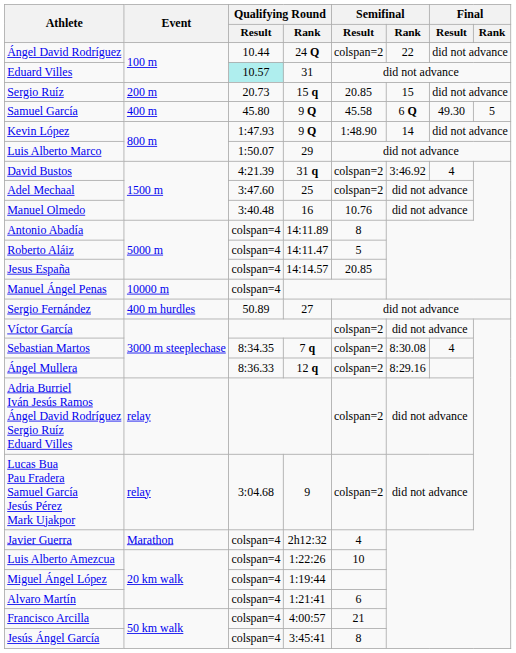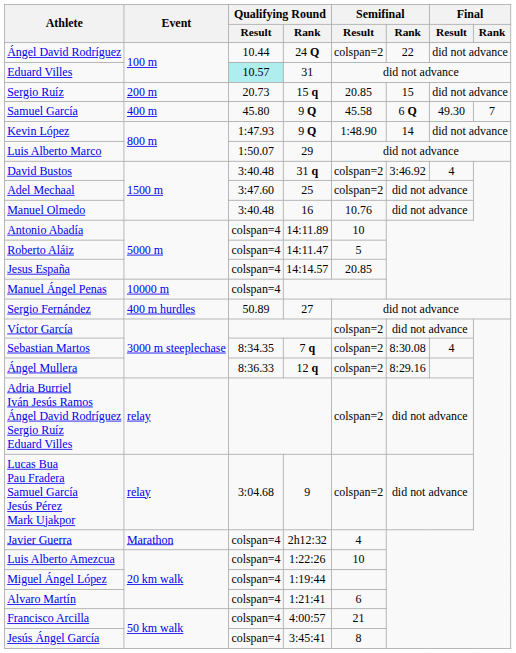 <table class="wikitable" style="font-size:90%">
 <tr>
 <th rowspan="2">Athlete</th>
 <th rowspan="2">Event</th>
 <th colspan="2">Qualifying Round</th>
 <th colspan="2">Semifinal</th>
 <th colspan="2">Final</th>
 </tr>
 <tr style="font-size:95%">
 <th>Result</th>
 <th>Rank</th>
 <th>Result</th>
 <th>Rank</th>
 <th>Result</th>
 <th>Rank</th>
 </tr>
 <tr align=center>
 <td align=left><a href='#'>Ángel David Rodríguez</a></td>
 <td align=left rowspan=2><a href='#'>100 m</a></td>
 <td>10.44</td>
 <td>24 <strong>Q</strong></td>
 <td>colspan=2 </td>
 <td>22</td>
 <td colspan=2>did not advance</td>
 </tr>
 <tr align=center>
 <td align=left><a href='#'>Eduard Villes</a></td>
 <td style="background: paleturquoise;">10.57</td>
 <td>31</td>
 <td colspan=4>did not advance</td>
 </tr>
 <tr align=center>
 <td align=left><a href='#'>Sergio Ruíz</a></td>
 <td align=left><a href='#'>200 m</a></td>
 <td>20.73</td>
 <td>15 <strong>q</strong></td>
 <td>20.85</td>
 <td>15</td>
 <td colspan=2>did not advance</td>
 </tr>
 <tr align=center>
 <td align=left><a href='#'>Samuel García</a></td>
 <td align=left><a href='#'>400 m</a></td>
 <td>45.80</td>
 <td>9 <strong>Q</strong></td>
 <td>45.58</td>
 <td>6 <strong>Q</strong></td>
 <td>49.30</td>
-<td>5</td>
+<td>7</td>
 </tr>
 <tr align=center>
 <td align=left><a href='#'>Kevin López</a></td>
 <td align=left rowspan=2><a href='#'>800 m</a></td>
 <td>1:47.93</td>
 <td>9 <strong>Q</strong></td>
 <td>1:48.90</td>
 <td>14</td>
 <td colspan=2>did not advance</td>
 </tr>
 <tr align=center>
 <td align=left><a href='#'>Luis Alberto Marco</a></td>
 <td>1:50.07</td>
 <td>29</td>
 <td colspan=4>did not advance</td>
 </tr>
 <tr align=center>
 <td align=left><a href='#'>David Bustos</a></td>
 <td align=left rowspan=3><a href='#'>1500 m</a></td>
-<td>4:21.39</td>
+<td>3:40.48</td>
 <td>31 <strong>q</strong></td>
 <td>colspan=2 </td>
 <td>3:46.92</td>
 <td>4</td>
 </tr>
 <tr align=center>
 <td align=left><a href='#'>Adel Mechaal</a></td>
 <td>3:47.60</td>
 <td>25</td>
 <td>colspan=2 </td>
 <td colspan=2>did not advance</td>
 </tr>
 <tr align=center>
 <td align=left><a href='#'>Manuel Olmedo</a></td>
 <td>3:40.48</td>
 <td>16</td>
 <td>10.76</td>
 <td colspan=2>did not advance</td>
 </tr>
 <tr align=center>
 <td align=left><a href='#'>Antonio Abadía</a></td>
 <td align=left rowspan=3><a href='#'>5000 m</a></td>
 <td>colspan=4 </td>
 <td>14:11.89</td>
-<td>8</td>
+<td>10</td>
 </tr>
 <tr align=center>
 <td align=left><a href='#'>Roberto Aláiz</a></td>
 <td>colspan=4 </td>
 <td>14:11.47</td>
 <td>5</td>
 </tr>
 <tr align=center>
 <td align=left><a href='#'>Jesus España</a></td>
 <td>colspan=4 </td>
 <td>14:14.57</td>
 <td>20.85</td>
 </tr>
 <tr align=center>
 <td align=left><a href='#'>Manuel Ángel Penas</a></td>
 <td align=left><a href='#'>10000 m</a></td>
 <td>colspan=4 </td>
 <td colspan=2></td>
 </tr>
 <tr align=center>
 <td align=left><a href='#'>Sergio Fernández</a></td>
 <td align=left><a href='#'>400 m hurdles</a></td>
 <td>50.89</td>
 <td>27</td>
 <td colspan=4>did not advance</td>
 </tr>
 <tr align=center>
 <td align=left><a href='#'>Víctor García</a></td>
 <td align=left rowspan=3><a href='#'>3000 m steeplechase</a></td>
 <td colspan=2></td>
 <td>colspan=2 </td>
 <td colspan=2>did not advance</td>
 </tr>
 <tr align=center>
 <td align=left><a href='#'>Sebastian Martos</a></td>
 <td>8:34.35</td>
 <td>7 <strong>q</strong></td>
 <td>colspan=2 </td>
 <td>8:30.08</td>
 <td>4</td>
 </tr>
 <tr align=center>
 <td align=left><a href='#'>Ángel Mullera</a></td>
 <td>8:36.33</td>
 <td>12 <strong>q</strong></td>
 <td>colspan=2 </td>
 <td>8:29.16</td>
 <td></td>
 </tr>
 <tr align=center>
 <td align=left><a href='#'>Adria Burriel</a><br><a href='#'>Iván Jesús Ramos</a><br><a href='#'>Ángel David Rodríguez</a><br><a href='#'>Sergio Ruíz</a><br><a href='#'>Eduard Villes</a></td>
 <td align=left><a href='#'> relay</a></td>
 <td colspan=2></td>
 <td>colspan=2 </td>
 <td colspan=2>did not advance</td>
 </tr>
 <tr align=center>
 <td align=left><a href='#'>Lucas Bua</a><br><a href='#'>Pau Fradera</a><br><a href='#'>Samuel García</a><br><a href='#'>Jesús Pérez</a><br><a href='#'>Mark Ujakpor</a></td>
 <td align=left><a href='#'> relay</a></td>
 <td>3:04.68</td>
 <td>9</td>
 <td>colspan=2 </td>
 <td colspan=2>did not advance</td>
 </tr>
 <tr align=center>
 <td align=left><a href='#'>Javier Guerra</a></td>
 <td align=left><a href='#'>Marathon</a></td>
 <td>colspan=4 </td>
 <td>2h12:32</td>
 <td>4</td>
 </tr>
 <tr align=center>
 <td align=left><a href='#'>Luis Alberto Amezcua</a></td>
 <td align=left rowspan=3><a href='#'>20 km walk</a></td>
 <td>colspan=4 </td>
 <td>1:22:26</td>
 <td>10</td>
 </tr>
 <tr align=center>
 <td align=left><a href='#'>Miguel Ángel López</a></td>
 <td>colspan=4 </td>
 <td>1:19:44</td>
 <td></td>
 </tr>
 <tr align=center>
 <td align=left><a href='#'>Alvaro Martín</a></td>
 <td>colspan=4 </td>
 <td>1:21:41</td>
 <td>6</td>
 </tr>
 <tr align=center>
 <td align=left><a href='#'>Francisco Arcilla</a></td>
 <td align=left rowspan=2><a href='#'>50 km walk</a></td>
 <td>colspan=4 </td>
 <td>4:00:57</td>
 <td>21</td>
 </tr>
 <tr align=center>
 <td align=left><a href='#'>Jesús Ángel García</a></td>
 <td>colspan=4 </td>
 <td>3:45:41</td>
 <td>8</td>
 </tr>
 </table>
